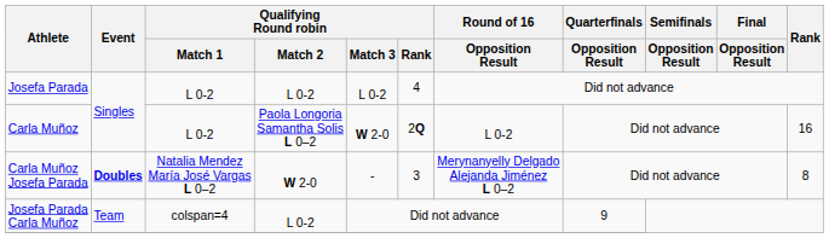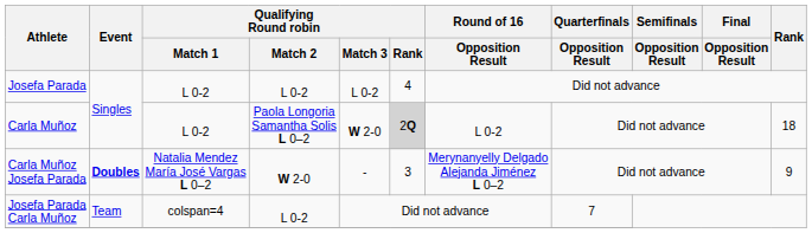 <table class="wikitable" style="font-size:90%">
 <tr>
 <th rowspan="2">Athlete</th>
 <th rowspan="2">Event</th>
 <th colspan="4">Qualifying<br>Round robin</th>
 <th>Round of 16</th>
 <th>Quarterfinals</th>
 <th>Semifinals</th>
 <th>Final</th>
 <th rowspan="2">Rank</th>
 </tr>
 <tr>
 <th>Match 1</th>
 <th>Match 2</th>
 <th>Match 3</th>
 <th>Rank</th>
 <th>Opposition<br>Result</th>
 <th>Opposition<br>Result</th>
 <th>Opposition<br>Result</th>
 <th>Opposition<br>Result</th>
 </tr>
 <tr align=center>
 <td align=left><a href='#'>Josefa Parada</a></td>
 <td rowspan=2 align=left><a href='#'>Singles</a></td>
 <td><br>L 0-2</td>
 <td><br>L 0-2</td>
 <td><br>L 0-2</td>
 <td>4</td>
 <td colspan="5">Did not advance</td>
 </tr>
 <tr align=center>
 <td align=left><a href='#'>Carla Muñoz</a></td>
 <td><br>L 0-2</td>
 <td align=center> <a href='#'>Paola Longoria</a><br><a href='#'>Samantha Solis</a><br><strong>L</strong> 0–2</td>
 <td><br><strong>W</strong> 2-0</td>
-<td>2<strong>Q</strong></td>
+<td style="background: lightgrey;">2<strong>Q</strong></td>
 <td><br>L 0-2</td>
 <td colspan="3">Did not advance</td>
-<td>16</td>
+<td>18</td>
 </tr>
 <tr align=center>
 <td align=left><a href='#'>Carla Muñoz</a><br><a href='#'>Josefa Parada</a></td>
 <td align=left><strong><a href='#'>Doubles</a></strong></td>
 <td align=center> <a href='#'>Natalia Mendez</a><br><a href='#'>María José Vargas</a><br><strong>L</strong> 0–2</td>
 <td><br><strong>W</strong> 2-0</td>
 <td align=center>-</td>
 <td>3</td>
 <td align=center> <a href='#'>Merynanyelly Delgado</a><br><a href='#'>Alejanda Jiménez</a><br><strong>L</strong> 0–2</td>
 <td colspan=3>Did not advance</td>
-<td>8</td>
+<td>9</td>
 </tr>
 <tr align=center>
 <td align=left><a href='#'>Josefa Parada</a><br><a href='#'>Carla Muñoz</a></td>
 <td align=left><a href='#'>Team</a></td>
 <td>colspan=4 </td>
 <td><br>L 0-2</td>
 <td colspan="3">Did not advance</td>
-<td>9</td>
+<td>7</td>
 </tr>
 <tr>
 </tr>
 </table>
